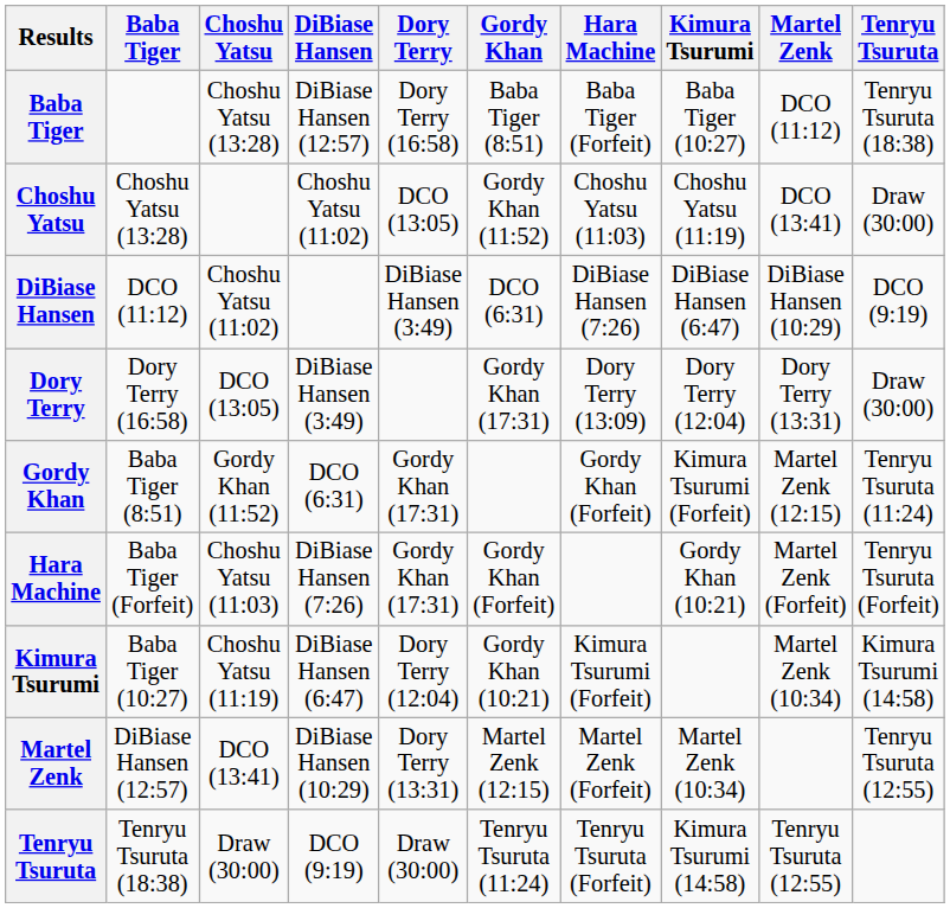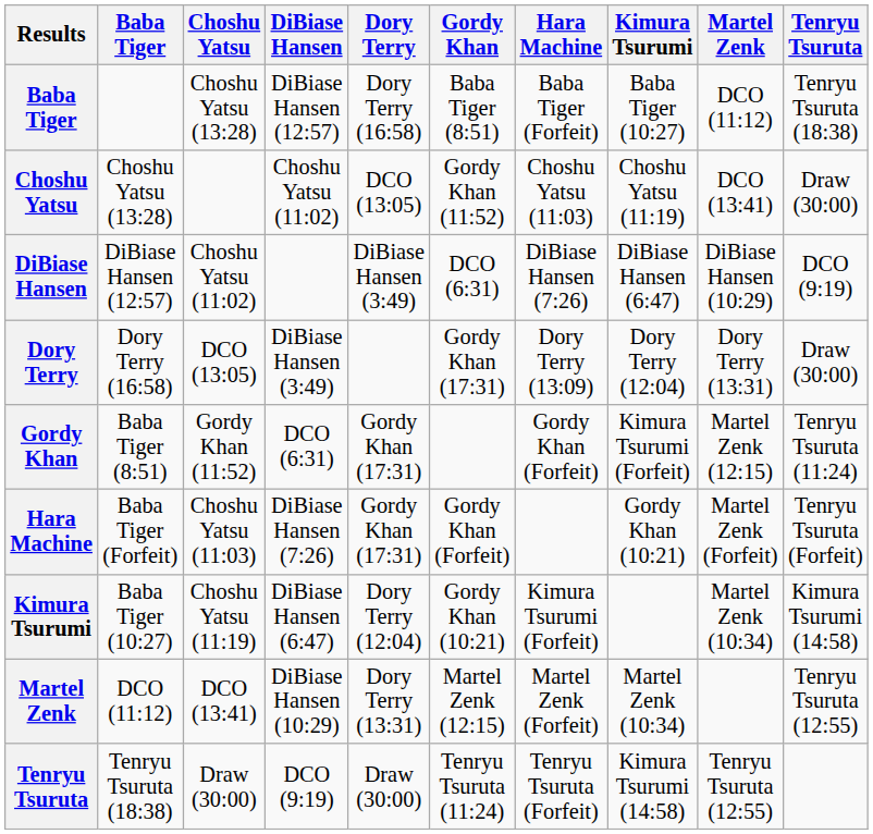 <table class="wikitable" style="text-align:center; margin: 1em auto 1em auto">
 <tr>
 <th>Results</th>
 <th><a href='#'>Baba</a><br><a href='#'>Tiger</a></th>
 <th><a href='#'>Choshu</a><br><a href='#'>Yatsu</a></th>
 <th><a href='#'>DiBiase</a><br><a href='#'>Hansen</a></th>
 <th><a href='#'>Dory</a><br><a href='#'>Terry</a></th>
 <th><a href='#'>Gordy</a><br><a href='#'>Khan</a></th>
 <th><a href='#'>Hara</a><br><a href='#'>Machine</a></th>
 <th><a href='#'>Kimura</a><br>Tsurumi</th>
 <th><a href='#'>Martel</a><br><a href='#'>Zenk</a></th>
 <th><a href='#'>Tenryu</a><br><a href='#'>Tsuruta</a></th>
 </tr>
 <tr>
 <th><a href='#'>Baba</a><br><a href='#'>Tiger</a></th>
 <td></td>
 <td>Choshu<br>Yatsu<br>(13:28)</td>
 <td>DiBiase<br>Hansen<br>(12:57)</td>
 <td>Dory<br>Terry<br>(16:58)</td>
 <td>Baba<br>Tiger<br>(8:51)</td>
 <td>Baba<br>Tiger<br>(Forfeit)</td>
 <td>Baba<br>Tiger<br>(10:27)</td>
 <td>DCO<br>(11:12)</td>
 <td>Tenryu<br>Tsuruta<br>(18:38)</td>
 </tr>
 <tr>
 <th><a href='#'>Choshu</a><br><a href='#'>Yatsu</a></th>
 <td>Choshu<br>Yatsu<br>(13:28)</td>
 <td></td>
 <td>Choshu<br>Yatsu<br>(11:02)</td>
 <td>DCO<br>(13:05)</td>
 <td>Gordy<br>Khan<br>(11:52)</td>
 <td>Choshu<br>Yatsu<br>(11:03)</td>
 <td>Choshu<br>Yatsu<br>(11:19)</td>
 <td>DCO<br>(13:41)</td>
 <td>Draw<br>(30:00)</td>
 </tr>
 <tr>
 <th><a href='#'>DiBiase</a><br><a href='#'>Hansen</a></th>
-<td>DCO<br>(11:12)</td>
+<td>DiBiase<br>Hansen<br>(12:57)</td>
 <td>Choshu<br>Yatsu<br>(11:02)</td>
 <td></td>
 <td>DiBiase<br>Hansen<br>(3:49)</td>
 <td>DCO<br>(6:31)</td>
 <td>DiBiase<br>Hansen<br>(7:26)</td>
 <td>DiBiase<br>Hansen<br>(6:47)</td>
 <td>DiBiase<br>Hansen<br>(10:29)</td>
 <td>DCO<br>(9:19)</td>
 </tr>
 <tr>
 <th><a href='#'>Dory</a><br><a href='#'>Terry</a></th>
 <td>Dory<br>Terry<br>(16:58)</td>
 <td>DCO<br>(13:05)</td>
 <td>DiBiase<br>Hansen<br>(3:49)</td>
 <td></td>
 <td>Gordy<br>Khan<br>(17:31)</td>
 <td>Dory<br>Terry<br>(13:09)</td>
 <td>Dory<br>Terry<br>(12:04)</td>
 <td>Dory<br>Terry<br>(13:31)</td>
 <td>Draw<br>(30:00)</td>
 </tr>
 <tr>
 <th><a href='#'>Gordy</a><br><a href='#'>Khan</a></th>
 <td>Baba<br>Tiger<br>(8:51)</td>
 <td>Gordy<br>Khan<br>(11:52)</td>
 <td>DCO<br>(6:31)</td>
 <td>Gordy<br>Khan<br>(17:31)</td>
 <td></td>
 <td>Gordy<br>Khan<br>(Forfeit)</td>
 <td>Kimura<br>Tsurumi<br>(Forfeit)</td>
 <td>Martel<br>Zenk<br>(12:15)</td>
 <td>Tenryu<br>Tsuruta<br>(11:24)</td>
 </tr>
 <tr>
 <th><a href='#'>Hara</a><br><a href='#'>Machine</a></th>
 <td>Baba<br>Tiger<br>(Forfeit)</td>
 <td>Choshu<br>Yatsu<br>(11:03)</td>
 <td>DiBiase<br>Hansen<br>(7:26)</td>
 <td>Gordy<br>Khan<br>(17:31)</td>
 <td>Gordy<br>Khan<br>(Forfeit)</td>
 <td></td>
 <td>Gordy<br>Khan<br>(10:21)</td>
 <td>Martel<br>Zenk<br>(Forfeit)</td>
 <td>Tenryu<br>Tsuruta<br>(Forfeit)</td>
 </tr>
 <tr>
 <th><a href='#'>Kimura</a><br>Tsurumi</th>
 <td>Baba<br>Tiger<br>(10:27)</td>
 <td>Choshu<br>Yatsu<br>(11:19)</td>
 <td>DiBiase<br>Hansen<br>(6:47)</td>
 <td>Dory<br>Terry<br>(12:04)</td>
 <td>Gordy<br>Khan<br>(10:21)</td>
 <td>Kimura<br>Tsurumi<br>(Forfeit)</td>
 <td></td>
 <td>Martel<br>Zenk<br>(10:34)</td>
 <td>Kimura<br>Tsurumi<br>(14:58)</td>
 </tr>
 <tr>
 <th><a href='#'>Martel</a><br><a href='#'>Zenk</a></th>
-<td>DiBiase<br>Hansen<br>(12:57)</td>
+<td>DCO<br>(11:12)</td>
 <td>DCO<br>(13:41)</td>
 <td>DiBiase<br>Hansen<br>(10:29)</td>
 <td>Dory<br>Terry<br>(13:31)</td>
 <td>Martel<br>Zenk<br>(12:15)</td>
 <td>Martel<br>Zenk<br>(Forfeit)</td>
 <td>Martel<br>Zenk<br>(10:34)</td>
 <td></td>
 <td>Tenryu<br>Tsuruta<br>(12:55)</td>
 </tr>
 <tr>
 <th><a href='#'>Tenryu</a><br><a href='#'>Tsuruta</a></th>
 <td>Tenryu<br>Tsuruta<br>(18:38)</td>
 <td>Draw<br>(30:00)</td>
 <td>DCO<br>(9:19)</td>
 <td>Draw<br>(30:00)</td>
 <td>Tenryu<br>Tsuruta<br>(11:24)</td>
 <td>Tenryu<br>Tsuruta<br>(Forfeit)</td>
 <td>Kimura<br>Tsurumi<br>(14:58)</td>
 <td>Tenryu<br>Tsuruta<br>(12:55)</td>
 <td></td>
 </tr>
 </table>
